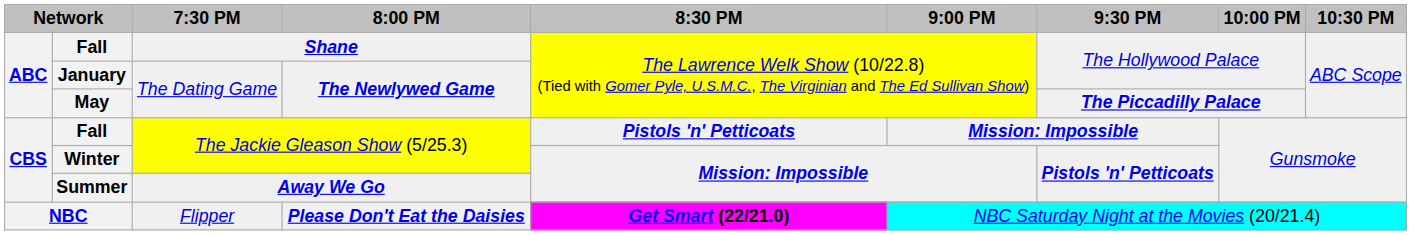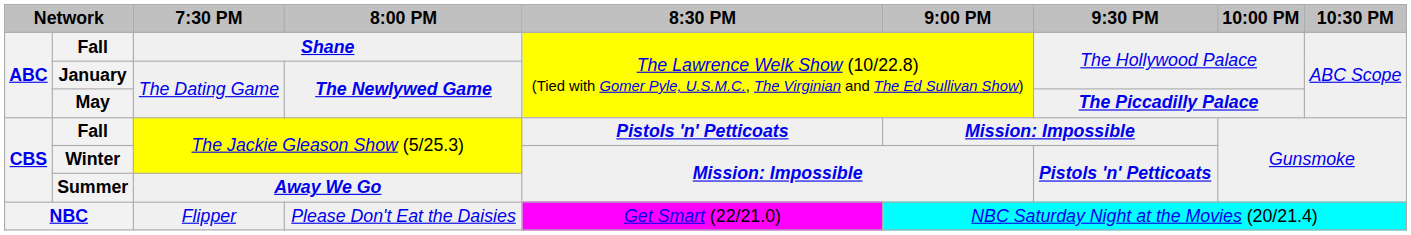 <table class="wikitable" style="width:100%;margin-right:0;text-align:center">
 <tr>
 <th colspan="2" style="background-color:#C0C0C0;text-align:center">Network</th>
 <th style="background-color:#C0C0C0;text-align:center">7:30 PM</th>
 <th style="background-color:#C0C0C0;text-align:center">8:00 PM</th>
 <th style="background-color:#C0C0C0;text-align:center">8:30 PM</th>
 <th style="background-color:#C0C0C0;text-align:center">9:00 PM</th>
 <th style="background-color:#C0C0C0;text-align:center">9:30 PM</th>
 <th style="background-color:#C0C0C0;text-align:center">10:00 PM</th>
 <th style="background-color:#C0C0C0;text-align:center">10:30 PM</th>
 </tr>
 <tr>
 <th bgcolor="#C0C0C0" rowspan="3"><a href='#'>ABC</a></th>
 <th>Fall</th>
 <td bgcolor="#F0F0F0" colspan="2"><strong><em><a href='#'>Shane</a></em></strong></td>
 <td bgcolor="#FFFF00" colspan="2" rowspan="3"><em><a href='#'>The Lawrence Welk Show</a></em> (10/22.8)<br><small>(Tied with <em><a href='#'>Gomer Pyle, U.S.M.C.</a></em>, <em><a href='#'>The Virginian</a></em> and <em><a href='#'>The Ed Sullivan Show</a></em>)</small></td>
 <td bgcolor="#F0F0F0" colspan="2" rowspan="2"><em><a href='#'>The Hollywood Palace</a></em></td>
 <td bgcolor="#F0F0F0" rowspan="3"><em><a href='#'>ABC Scope</a></em></td>
 </tr>
 <tr>
 <th>January</th>
 <td bgcolor="#F0F0F0" rowspan="2"><em><a href='#'>The Dating Game</a></em></td>
 <td bgcolor="#F0F0F0" rowspan="2"><strong><em><a href='#'>The Newlywed Game</a></em></strong></td>
 </tr>
 <tr>
 <th>May</th>
 <td bgcolor="#F0F0F0" colspan="2"><strong><em><a href='#'>The Piccadilly Palace</a></em></strong></td>
 </tr>
 <tr>
 <th rowspan="3" bgcolor="#C0C0C0"><a href='#'>CBS</a></th>
 <th>Fall</th>
 <td bgcolor="#FFFF00" colspan="2" rowspan="2"><em><a href='#'>The Jackie Gleason Show</a></em> (5/25.3)</td>
 <td bgcolor="#F0F0F0"><strong><em><a href='#'>Pistols 'n' Petticoats</a></em></strong></td>
 <td bgcolor="#F0F0F0" colspan="2"><strong><em><a href='#'>Mission: Impossible</a></em></strong></td>
 <td colspan="2" rowspan="3" bgcolor="#F0F0F0"><em><a href='#'>Gunsmoke</a></em></td>
 </tr>
 <tr>
 <th>Winter</th>
 <td colspan="2" rowspan="2" bgcolor="#F0F0F0"><strong><em><a href='#'>Mission: Impossible</a></em></strong></td>
 <td rowspan="2" bgcolor="#F0F0F0"><strong><em><a href='#'>Pistols 'n' Petticoats</a></em></strong></td>
 </tr>
 <tr>
 <th>Summer</th>
 <td colspan="2" bgcolor="#F0F0F0"><strong><em><a href='#'>Away We Go</a></em></strong></td>
 </tr>
 <tr>
 <th bgcolor="#C0C0C0" colspan="2"><a href='#'>NBC</a></th>
 <td bgcolor="#F0F0F0"><em><a href='#'>Flipper</a></em></td>
-<td bgcolor="#F0F0F0"><strong><em><a href='#'>Please Don't Eat the Daisies</a></em></strong></td>
-<td bgcolor="#FF00FF"><strong><em><a href='#'>Get Smart</a></em> (22/21.0)</strong></td>
+<td bgcolor="#F0F0F0"><em><a href='#'>Please Don't Eat the Daisies</a></em></td>
+<td bgcolor="#FF00FF"><em><a href='#'>Get Smart</a></em> (22/21.0)</td>
 <td bgcolor="#00FFFF" colspan="4"><em><a href='#'>NBC Saturday Night at the Movies</a></em> (20/21.4)</td>
 </tr>
 </table>
